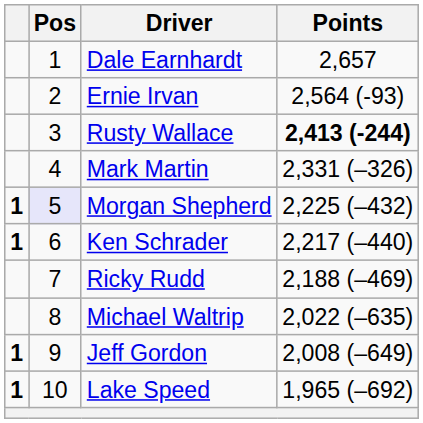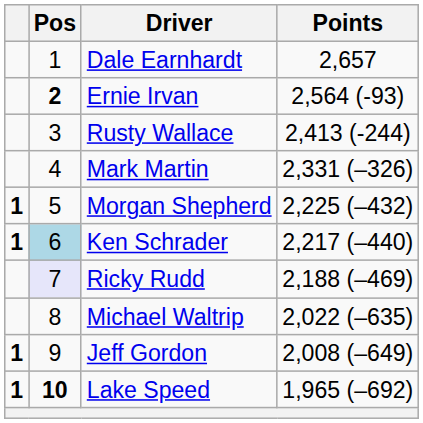 <table class="wikitable" style="font-size: 95%;">
 <tr>
 <th></th>
 <th>Pos</th>
 <th>Driver</th>
 <th>Points</th>
 </tr>
 <tr>
 <td align="left"></td>
 <td style="text-align:center;">1</td>
 <td><a href='#'>Dale Earnhardt</a></td>
 <td style="text-align:center;">2,657</td>
 </tr>
 <tr>
 <td align="left"></td>
-<td style="text-align:center;">2</td>
+<td style="text-align:center;"><strong>2</strong></td>
 <td><a href='#'>Ernie Irvan</a></td>
 <td style="text-align:center;">2,564 (-93)</td>
 </tr>
 <tr>
 <td align="left"></td>
 <td style="text-align:center;">3</td>
 <td><a href='#'>Rusty Wallace</a></td>
-<td style="text-align:center;"><strong>2,413 (-244)</strong></td>
+<td style="text-align:center;">2,413 (-244)</td>
 </tr>
 <tr>
 <td align="left"></td>
 <td style="text-align:center;">4</td>
 <td><a href='#'>Mark Martin</a></td>
 <td style="text-align:center;">2,331 (–326)</td>
 </tr>
 <tr>
 <td align="left"> <strong>1</strong></td>
-<td style="background: lavender; text-align:center;">5</td>
+<td style="text-align:center;">5</td>
 <td><a href='#'>Morgan Shepherd</a></td>
 <td style="text-align:center;">2,225 (–432)</td>
 </tr>
 <tr>
 <td align="left"> <strong>1</strong></td>
-<td style="text-align:center;">6</td>
+<td style="background: lightblue; text-align:center;">6</td>
 <td><a href='#'>Ken Schrader</a></td>
 <td style="text-align:center;">2,217 (–440)</td>
 </tr>
 <tr>
 <td align="left"></td>
-<td style="text-align:center;">7</td>
+<td style="background: lavender; text-align:center;">7</td>
 <td><a href='#'>Ricky Rudd</a></td>
 <td style="text-align:center;">2,188 (–469)</td>
 </tr>
 <tr>
 <td align="left"></td>
 <td style="text-align:center;">8</td>
 <td><a href='#'>Michael Waltrip</a></td>
 <td style="text-align:center;">2,022 (–635)</td>
 </tr>
 <tr>
 <td align="left"> <strong>1</strong></td>
 <td style="text-align:center;">9</td>
 <td><a href='#'>Jeff Gordon</a></td>
 <td style="text-align:center;">2,008 (–649)</td>
 </tr>
 <tr>
 <td align="left"> <strong>1</strong></td>
-<td style="text-align:center;">10</td>
+<td style="text-align:center;"><strong>10</strong></td>
 <td><a href='#'>Lake Speed</a></td>
 <td style="text-align:center;">1,965 (–692)</td>
 </tr>
 <tr class="sortbottom">
 <th colspan="9"></th>
 </tr>
 </table>
